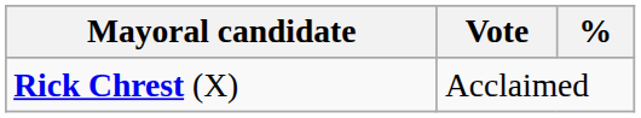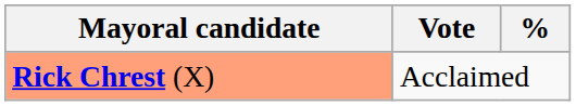 <table class="wikitable">
 <tr>
 <th width="200px">Mayoral candidate</th>
 <th width="50px">Vote</th>
 <th width="30px">%</th>
 </tr>
 <tr>
-<td><strong><a href='#'>Rick Chrest</a></strong> (X)</td>
+<td style="background: lightsalmon;"><strong><a href='#'>Rick Chrest</a></strong> (X)</td>
 <td colspan="2">Acclaimed</td>
 </tr>
 </table>
